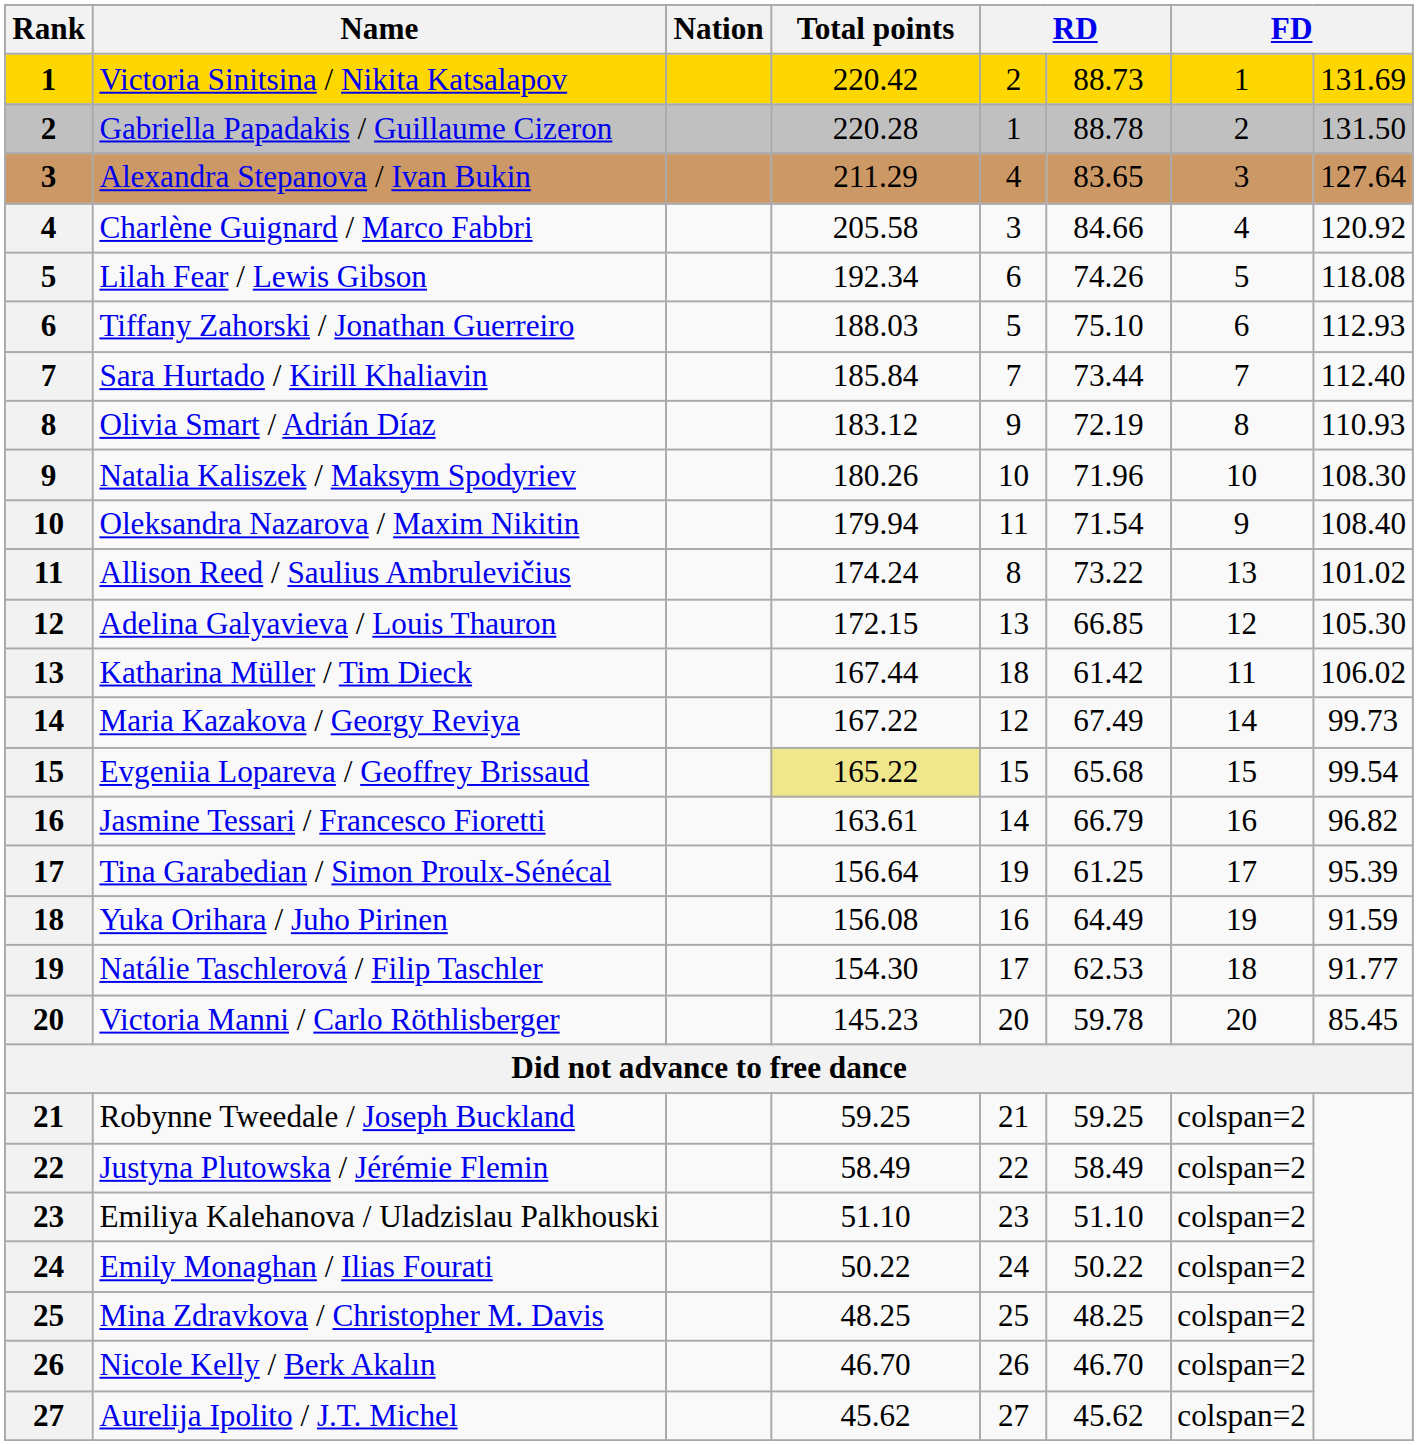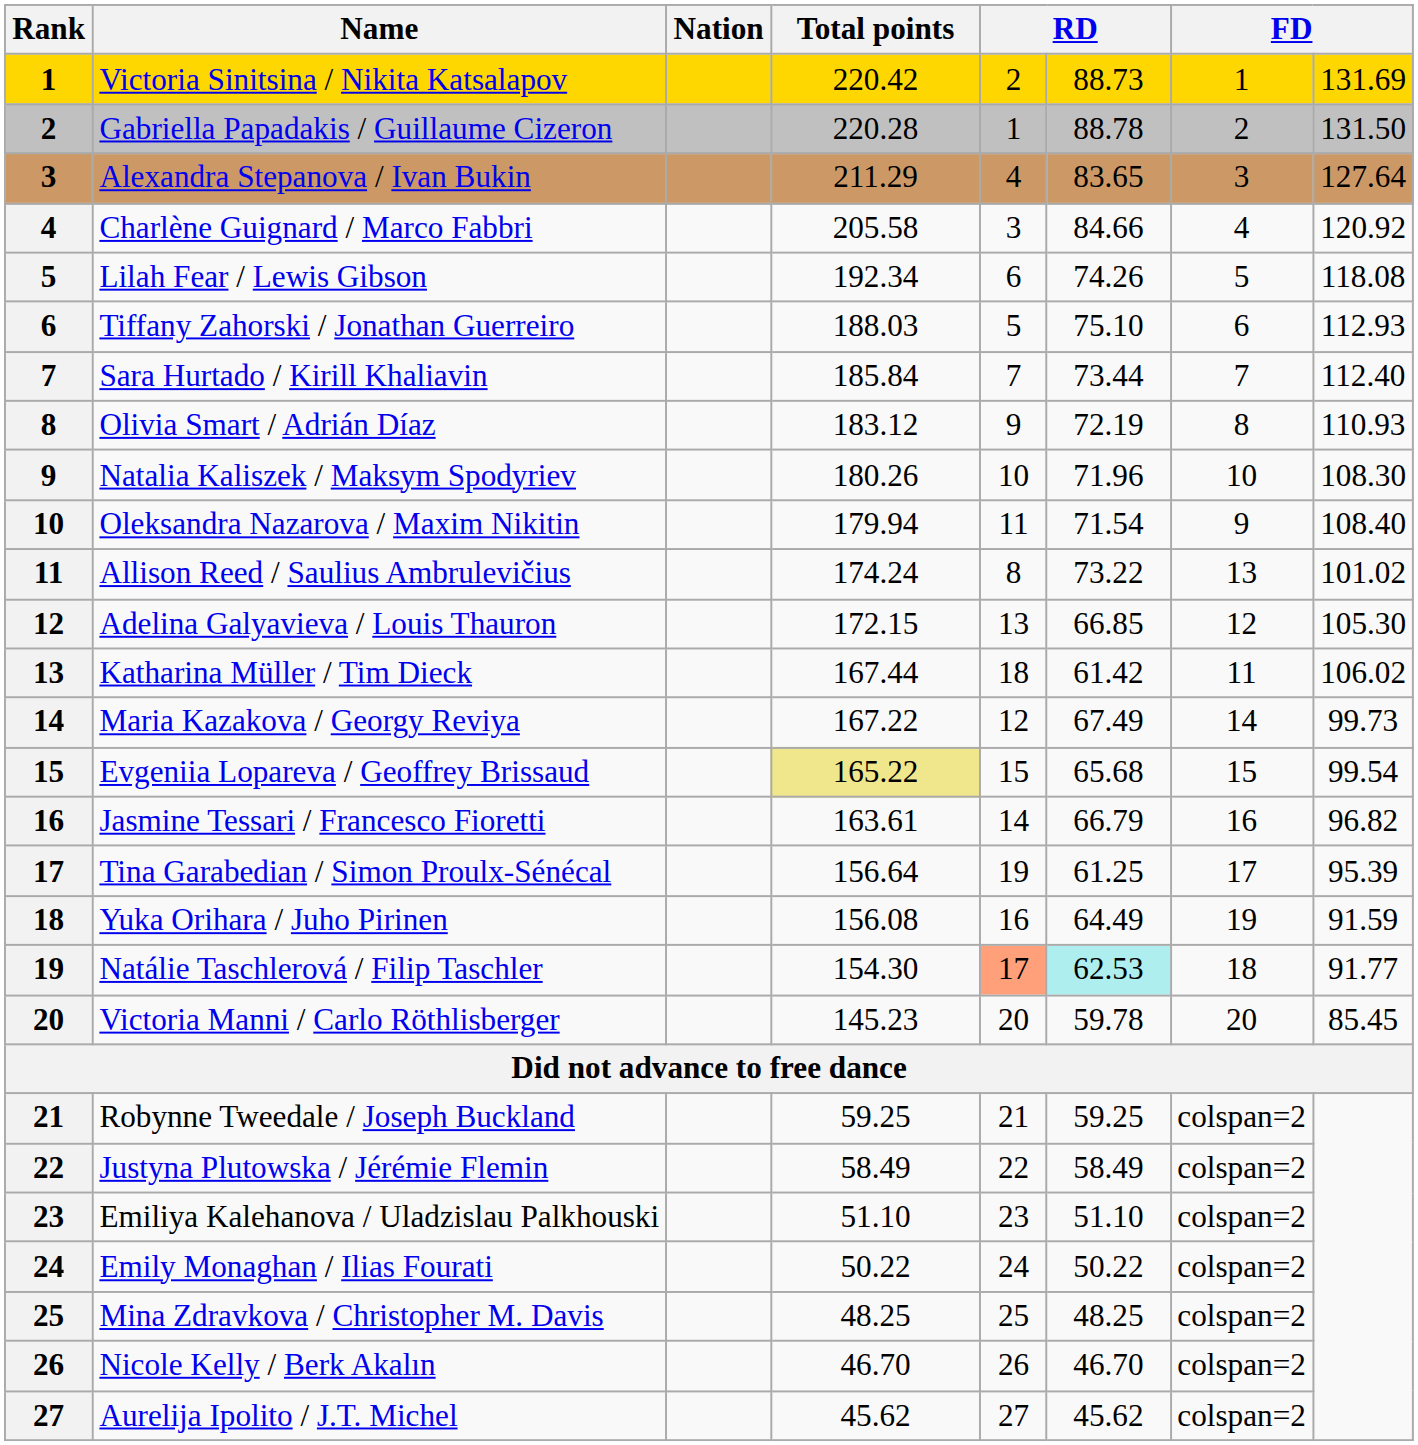 <table class="wikitable sortable">
 <tr>
 <th>Rank</th>
 <th>Name</th>
 <th>Nation</th>
 <th width="100px">Total points</th>
 <th colspan="2" width="90px"><a href='#'>RD</a></th>
 <th colspan="2" width="90px"><a href='#'>FD</a></th>
 </tr>
 <tr bgcolor="gold">
 <td align="center" bgcolor="gold"><strong>1</strong></td>
 <td><a href='#'>Victoria Sinitsina</a> / <a href='#'>Nikita Katsalapov</a></td>
 <td></td>
 <td align="center">220.42</td>
 <td align="center">2</td>
 <td align="center">88.73</td>
 <td align="center">1</td>
 <td align="center">131.69</td>
 </tr>
 <tr bgcolor="silver">
 <td align="center" bgcolor="silver"><strong>2</strong></td>
 <td><a href='#'>Gabriella Papadakis</a> / <a href='#'>Guillaume Cizeron</a></td>
 <td></td>
 <td align="center">220.28</td>
 <td align="center">1</td>
 <td align="center">88.78</td>
 <td align="center">2</td>
 <td align="center">131.50</td>
 </tr>
 <tr bgcolor="#cc9966">
 <td align="center" bgcolor="#cc9966"><strong>3</strong></td>
 <td><a href='#'>Alexandra Stepanova</a> / <a href='#'>Ivan Bukin</a></td>
 <td></td>
 <td align="center">211.29</td>
 <td align="center">4</td>
 <td align="center">83.65</td>
 <td align="center">3</td>
 <td align="center">127.64</td>
 </tr>
 <tr>
 <th>4</th>
 <td><a href='#'>Charlène Guignard</a> / <a href='#'>Marco Fabbri</a></td>
 <td></td>
 <td align="center">205.58</td>
 <td align="center">3</td>
 <td align="center">84.66</td>
 <td align="center">4</td>
 <td align="center">120.92</td>
 </tr>
 <tr>
 <th>5</th>
 <td><a href='#'>Lilah Fear</a> / <a href='#'>Lewis Gibson</a></td>
 <td></td>
 <td align="center">192.34</td>
 <td align="center">6</td>
 <td align="center">74.26</td>
 <td align="center">5</td>
 <td align="center">118.08</td>
 </tr>
 <tr>
 <th>6</th>
 <td><a href='#'>Tiffany Zahorski</a> / <a href='#'>Jonathan Guerreiro</a></td>
 <td></td>
 <td align="center">188.03</td>
 <td align="center">5</td>
 <td align="center">75.10</td>
 <td align="center">6</td>
 <td align="center">112.93</td>
 </tr>
 <tr>
 <th>7</th>
 <td><a href='#'>Sara Hurtado</a> / <a href='#'>Kirill Khaliavin</a></td>
 <td></td>
 <td align="center">185.84</td>
 <td align="center">7</td>
 <td align="center">73.44</td>
 <td align="center">7</td>
 <td align="center">112.40</td>
 </tr>
 <tr>
 <th>8</th>
 <td><a href='#'>Olivia Smart</a> / <a href='#'>Adrián Díaz</a></td>
 <td></td>
 <td align="center">183.12</td>
 <td align="center">9</td>
 <td align="center">72.19</td>
 <td align="center">8</td>
 <td align="center">110.93</td>
 </tr>
 <tr>
 <th>9</th>
 <td><a href='#'>Natalia Kaliszek</a> / <a href='#'>Maksym Spodyriev</a></td>
 <td></td>
 <td align="center">180.26</td>
 <td align="center">10</td>
 <td align="center">71.96</td>
 <td align="center">10</td>
 <td align="center">108.30</td>
 </tr>
 <tr>
 <th>10</th>
 <td><a href='#'>Oleksandra Nazarova</a> / <a href='#'>Maxim Nikitin</a></td>
 <td></td>
 <td align="center">179.94</td>
 <td align="center">11</td>
 <td align="center">71.54</td>
 <td align="center">9</td>
 <td align="center">108.40</td>
 </tr>
 <tr>
 <th>11</th>
 <td><a href='#'>Allison Reed</a> / <a href='#'>Saulius Ambrulevičius</a></td>
 <td></td>
 <td align="center">174.24</td>
 <td align="center">8</td>
 <td align="center">73.22</td>
 <td align="center">13</td>
 <td align="center">101.02</td>
 </tr>
 <tr>
 <th>12</th>
 <td><a href='#'>Adelina Galyavieva</a> / <a href='#'>Louis Thauron</a></td>
 <td></td>
 <td align="center">172.15</td>
 <td align="center">13</td>
 <td align="center">66.85</td>
 <td align="center">12</td>
 <td align="center">105.30</td>
 </tr>
 <tr>
 <th>13</th>
 <td><a href='#'>Katharina Müller</a> / <a href='#'>Tim Dieck</a></td>
 <td></td>
 <td align="center">167.44</td>
 <td align="center">18</td>
 <td align="center">61.42</td>
 <td align="center">11</td>
 <td align="center">106.02</td>
 </tr>
 <tr>
 <th>14</th>
 <td><a href='#'>Maria Kazakova</a> / <a href='#'>Georgy Reviya</a></td>
 <td></td>
 <td align="center">167.22</td>
 <td align="center">12</td>
 <td align="center">67.49</td>
 <td align="center">14</td>
 <td align="center">99.73</td>
 </tr>
 <tr>
 <th>15</th>
 <td><a href='#'>Evgeniia Lopareva</a> / <a href='#'>Geoffrey Brissaud</a></td>
 <td></td>
 <td align="center" style="background: khaki;">165.22</td>
 <td align="center">15</td>
 <td align="center">65.68</td>
 <td align="center">15</td>
 <td align="center">99.54</td>
 </tr>
 <tr>
 <th>16</th>
 <td><a href='#'>Jasmine Tessari</a> / <a href='#'>Francesco Fioretti</a></td>
 <td></td>
 <td align="center">163.61</td>
 <td align="center">14</td>
 <td align="center">66.79</td>
 <td align="center">16</td>
 <td align="center">96.82</td>
 </tr>
 <tr>
 <th>17</th>
 <td><a href='#'>Tina Garabedian</a> / <a href='#'>Simon Proulx-Sénécal</a></td>
 <td></td>
 <td align="center">156.64</td>
 <td align="center">19</td>
 <td align="center">61.25</td>
 <td align="center">17</td>
 <td align="center">95.39</td>
 </tr>
 <tr>
 <th>18</th>
 <td><a href='#'>Yuka Orihara</a> / <a href='#'>Juho Pirinen</a></td>
 <td></td>
 <td align="center">156.08</td>
 <td align="center">16</td>
 <td align="center">64.49</td>
 <td align="center">19</td>
 <td align="center">91.59</td>
 </tr>
 <tr>
 <th>19</th>
 <td><a href='#'>Natálie Taschlerová</a> / <a href='#'>Filip Taschler</a></td>
 <td></td>
 <td align="center">154.30</td>
-<td align="center">17</td>
-<td align="center">62.53</td>
+<td align="center" style="background: lightsalmon;">17</td>
+<td align="center" style="background: paleturquoise;">62.53</td>
 <td align="center">18</td>
 <td align="center">91.77</td>
 </tr>
 <tr>
 <th>20</th>
 <td><a href='#'>Victoria Manni</a> / <a href='#'>Carlo Röthlisberger</a></td>
 <td></td>
 <td align="center">145.23</td>
 <td align="center">20</td>
 <td align="center">59.78</td>
 <td align="center">20</td>
 <td align="center">85.45</td>
 </tr>
 <tr>
 <th colspan=8>Did not advance to free dance</th>
 </tr>
 <tr>
 <th>21</th>
 <td>Robynne Tweedale / <a href='#'>Joseph Buckland</a></td>
 <td></td>
 <td align="center">59.25</td>
 <td align="center">21</td>
 <td align="center">59.25</td>
 <td>colspan=2 </td>
 </tr>
 <tr>
 <th>22</th>
 <td><a href='#'>Justyna Plutowska</a> / <a href='#'>Jérémie Flemin</a></td>
 <td></td>
 <td align="center">58.49</td>
 <td align="center">22</td>
 <td align="center">58.49</td>
 <td>colspan=2 </td>
 </tr>
 <tr>
 <th>23</th>
 <td>Emiliya Kalehanova / Uladzislau Palkhouski</td>
 <td></td>
 <td align="center">51.10</td>
 <td align="center">23</td>
 <td align="center">51.10</td>
 <td>colspan=2 </td>
 </tr>
 <tr>
 <th>24</th>
 <td><a href='#'>Emily Monaghan</a> / <a href='#'>Ilias Fourati</a></td>
 <td></td>
 <td align="center">50.22</td>
 <td align="center">24</td>
 <td align="center">50.22</td>
 <td>colspan=2 </td>
 </tr>
 <tr>
 <th>25</th>
 <td><a href='#'>Mina Zdravkova</a> / <a href='#'>Christopher M. Davis</a></td>
 <td></td>
 <td align="center">48.25</td>
 <td align="center">25</td>
 <td align="center">48.25</td>
 <td>colspan=2 </td>
 </tr>
 <tr>
 <th>26</th>
 <td><a href='#'>Nicole Kelly</a> / <a href='#'>Berk Akalın</a></td>
 <td></td>
 <td align="center">46.70</td>
 <td align="center">26</td>
 <td align="center">46.70</td>
 <td>colspan=2 </td>
 </tr>
 <tr>
 <th>27</th>
 <td><a href='#'>Aurelija Ipolito</a> / <a href='#'>J.T. Michel</a></td>
 <td></td>
 <td align="center">45.62</td>
 <td align="center">27</td>
 <td align="center">45.62</td>
 <td>colspan=2 </td>
 </tr>
 </table>
